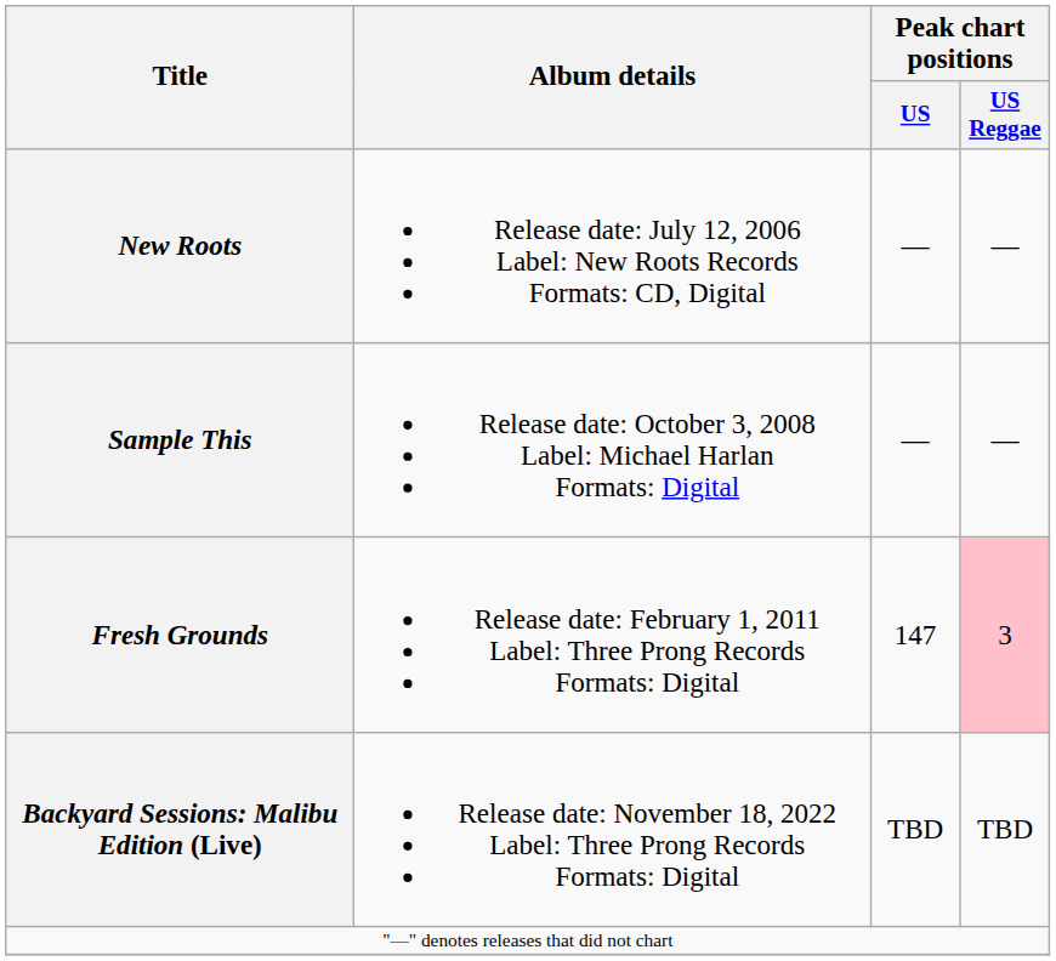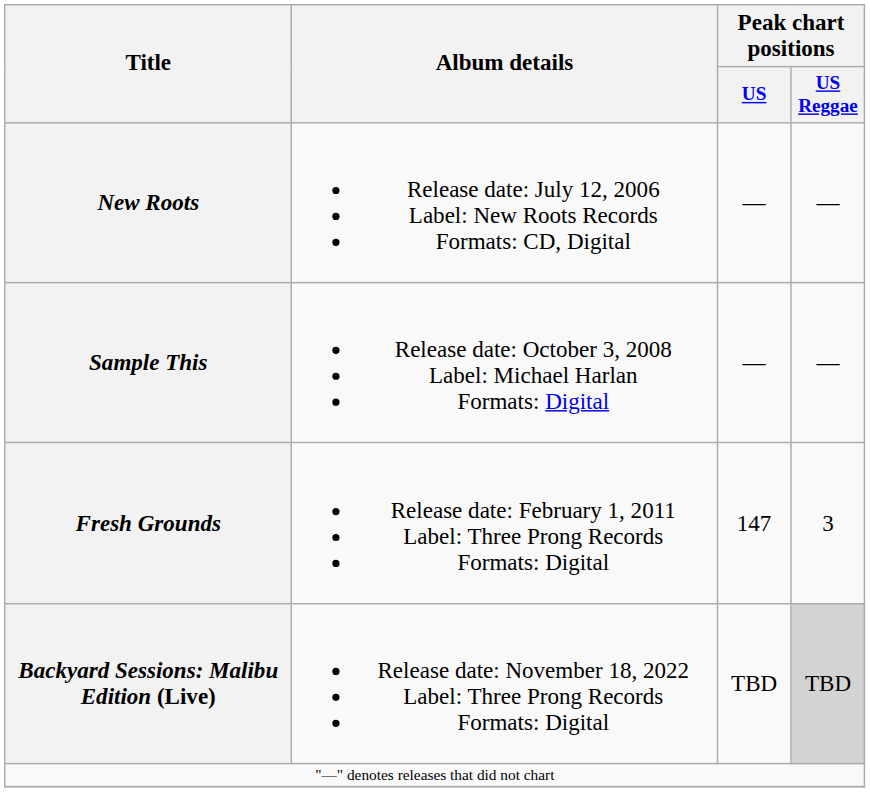 <table class="wikitable plainrowheaders" style="text-align:center;">
 <tr>
 <th rowspan="2" style="width:12em;">Title</th>
 <th rowspan="2" style="width:18em;">Album details</th>
 <th colspan="2">Peak chart positions</th>
 </tr>
 <tr style="font-size:smaller;">
 <th width="45"><a href='#'>US</a><br></th>
 <th width="45"><a href='#'>US Reggae</a><br></th>
 </tr>
 <tr>
 <th scope="row"><em>New Roots</em></th>
 <td><br><ul><li>Release date: July 12, 2006</li><li>Label: New Roots Records</li><li>Formats: CD, Digital</li></ul></td>
 <td>—</td>
 <td>—</td>
 </tr>
 <tr>
 <th scope="row"><em>Sample This</em></th>
 <td><br><ul><li>Release date: October 3, 2008</li><li>Label: Michael Harlan</li><li>Formats: <a href='#'>Digital</a></li></ul></td>
 <td>—</td>
 <td>—</td>
 </tr>
 <tr>
 <th scope="row"><em>Fresh Grounds</em></th>
 <td><br><ul><li>Release date: February 1, 2011</li><li>Label: Three Prong Records</li><li>Formats: Digital</li></ul></td>
 <td>147</td>
-<td style="background: pink;">3</td>
+<td>3</td>
 </tr>
 <tr>
 <th scope="row"><em>Backyard Sessions: Malibu Edition</em> (Live)</th>
 <td><br><ul><li>Release date: November 18, 2022</li><li>Label: Three Prong Records</li><li>Formats: Digital</li></ul></td>
 <td>TBD</td>
-<td>TBD</td>
+<td style="background: lightgrey;">TBD</td>
 </tr>
 <tr>
 <td colspan="10" style="font-size:8pt">"—" denotes releases that did not chart</td>
 </tr>
 <tr>
 </tr>
 </table>
